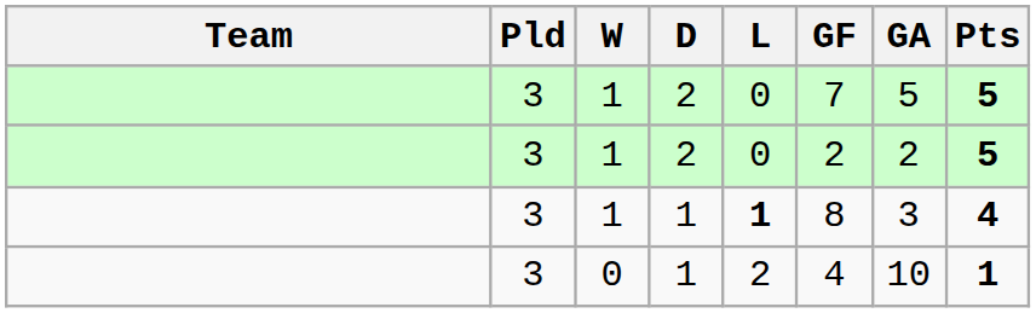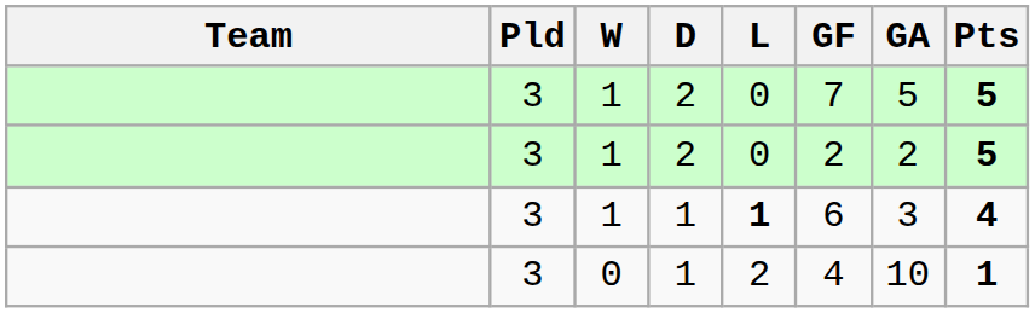 <table class="wikitable" style="text-align:center">
 <tr>
 <th width="165">Team</th>
 <th width="20">Pld</th>
 <th width="20">W</th>
 <th width="20">D</th>
 <th width="20">L</th>
 <th width="20">GF</th>
 <th width="20">GA</th>
 <th width="20">Pts</th>
 </tr>
 <tr style="background-color:#ccffcc">
 <td style="text-align:left"></td>
 <td>3</td>
 <td>1</td>
 <td>2</td>
 <td>0</td>
 <td>7</td>
 <td>5</td>
 <td><strong>5</strong></td>
 </tr>
 <tr style="background-color:#ccffcc">
 <td style="text-align:left"></td>
 <td>3</td>
 <td>1</td>
 <td>2</td>
 <td>0</td>
 <td>2</td>
 <td>2</td>
 <td><strong>5</strong></td>
 </tr>
 <tr>
 <td style="text-align:left"></td>
 <td>3</td>
 <td>1</td>
 <td>1</td>
 <td><strong>1</strong></td>
-<td>8</td>
+<td>6</td>
 <td>3</td>
 <td><strong>4</strong></td>
 </tr>
 <tr>
 <td style="text-align:left"></td>
 <td>3</td>
 <td>0</td>
 <td>1</td>
 <td>2</td>
 <td>4</td>
 <td>10</td>
 <td><strong>1</strong></td>
 </tr>
 </table>
